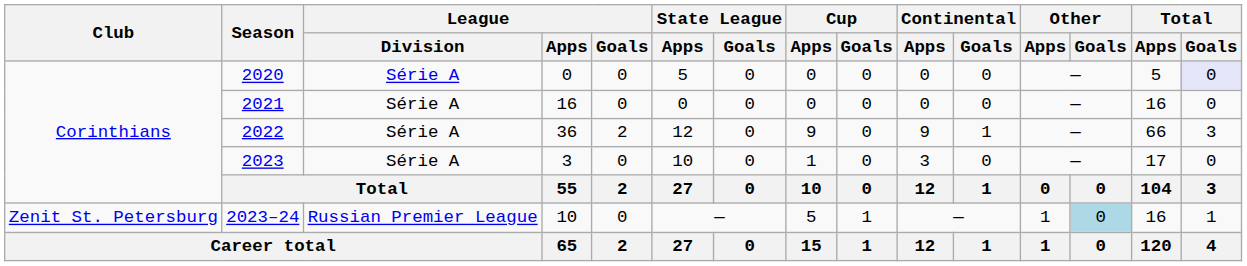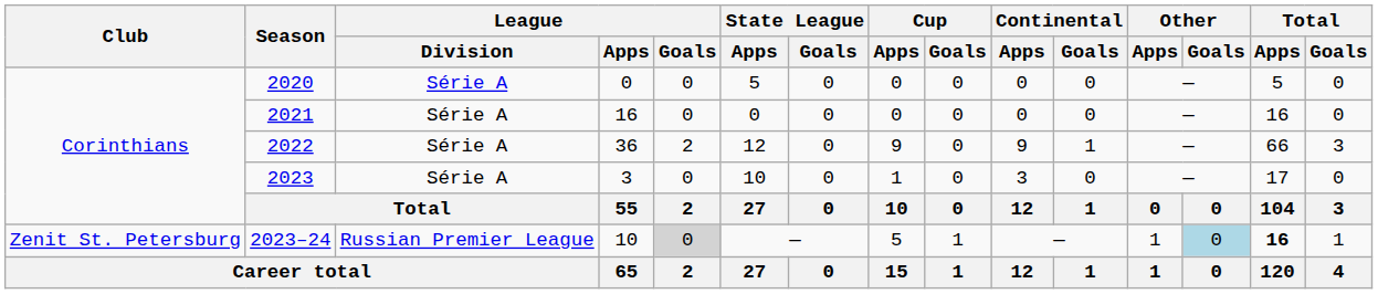 <table class="wikitable" style="text-align: center">
 <tr>
 <th rowspan="2">Club</th>
 <th rowspan="2">Season</th>
 <th colspan="3">League</th>
 <th colspan="2">State League</th>
 <th colspan="2">Cup</th>
 <th colspan="2">Continental</th>
 <th colspan="2">Other</th>
 <th colspan="2">Total</th>
 </tr>
 <tr>
 <th>Division</th>
 <th>Apps</th>
 <th>Goals</th>
 <th>Apps</th>
 <th>Goals</th>
 <th>Apps</th>
 <th>Goals</th>
 <th>Apps</th>
 <th>Goals</th>
 <th>Apps</th>
 <th>Goals</th>
 <th>Apps</th>
 <th>Goals</th>
 </tr>
 <tr>
 <td rowspan="5"><a href='#'>Corinthians</a></td>
 <td><a href='#'>2020</a></td>
 <td><a href='#'>Série A</a></td>
 <td>0</td>
 <td>0</td>
 <td>5</td>
 <td>0</td>
 <td>0</td>
 <td>0</td>
 <td>0</td>
 <td>0</td>
 <td colspan="2">—</td>
 <td>5</td>
-<td style="background: lavender;">0</td>
+<td>0</td>
 </tr>
 <tr>
 <td><a href='#'>2021</a></td>
 <td>Série A</td>
 <td>16</td>
 <td>0</td>
 <td>0</td>
 <td>0</td>
 <td>0</td>
 <td>0</td>
 <td>0</td>
 <td>0</td>
 <td colspan="2">—</td>
 <td>16</td>
 <td>0</td>
 </tr>
 <tr>
 <td><a href='#'>2022</a></td>
 <td>Série A</td>
 <td>36</td>
 <td>2</td>
 <td>12</td>
 <td>0</td>
 <td>9</td>
 <td>0</td>
 <td>9</td>
 <td>1</td>
 <td colspan="2">—</td>
 <td>66</td>
 <td>3</td>
 </tr>
 <tr>
 <td><a href='#'>2023</a></td>
 <td>Série A</td>
 <td>3</td>
 <td>0</td>
 <td>10</td>
 <td>0</td>
 <td>1</td>
 <td>0</td>
 <td>3</td>
 <td>0</td>
 <td colspan="2">—</td>
 <td>17</td>
 <td>0</td>
 </tr>
 <tr>
 <th colspan="2">Total</th>
 <th>55</th>
 <th>2</th>
 <th>27</th>
 <th>0</th>
 <th>10</th>
 <th>0</th>
 <th>12</th>
 <th>1</th>
 <th>0</th>
 <th>0</th>
 <th>104</th>
 <th>3</th>
 </tr>
 <tr>
 <td><a href='#'>Zenit St. Petersburg</a></td>
 <td><a href='#'>2023–24</a></td>
 <td><a href='#'>Russian Premier League</a></td>
 <td>10</td>
-<td>0</td>
+<td style="background: lightgrey;">0</td>
 <td colspan="2">—</td>
 <td>5</td>
 <td>1</td>
 <td colspan="2">—</td>
 <td>1</td>
 <td style="background: lightblue;">0</td>
-<td>16</td>
+<td><strong>16</strong></td>
 <td>1</td>
 </tr>
 <tr>
 <th colspan="3">Career total</th>
 <th>65</th>
 <th>2</th>
 <th>27</th>
 <th>0</th>
 <th>15</th>
 <th>1</th>
 <th>12</th>
 <th>1</th>
 <th>1</th>
 <th>0</th>
 <th>120</th>
 <th>4</th>
 </tr>
 </table>
